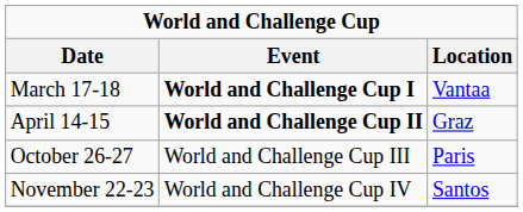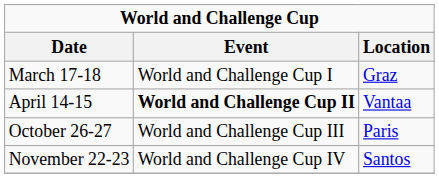 <table class="wikitable">
 <tr>
 <td colspan="4" style="text-align:center;"><strong>World and Challenge Cup</strong></td>
 </tr>
 <tr>
 <th>Date</th>
 <th>Event</th>
 <th>Location</th>
 </tr>
 <tr>
 <td>March 17-18</td>
-<td><strong>World and Challenge Cup I</strong></td>
-<td>  <a href='#'>Vantaa</a></td>
+<td>World and Challenge Cup I</td>
+<td>  <a href='#'>Graz</a></td>
 </tr>
 <tr>
 <td>April 14-15</td>
 <td><strong>World and Challenge Cup II</strong></td>
-<td>  <a href='#'>Graz</a></td>
+<td>  <a href='#'>Vantaa</a></td>
 </tr>
 <tr>
 <td>October 26-27</td>
 <td>World and Challenge Cup III</td>
 <td>  <a href='#'>Paris</a></td>
 </tr>
 <tr>
 <td>November 22-23</td>
 <td>World and Challenge Cup IV</td>
 <td>  <a href='#'>Santos</a></td>
 </tr>
 <tr>
 </tr>
 </table>
